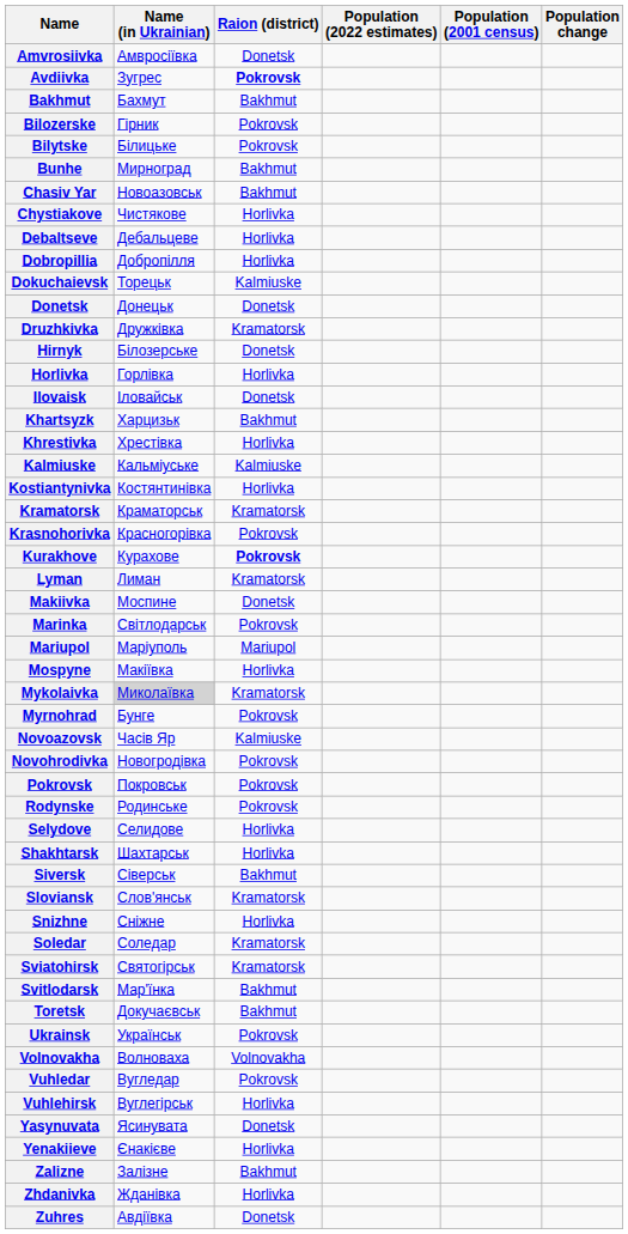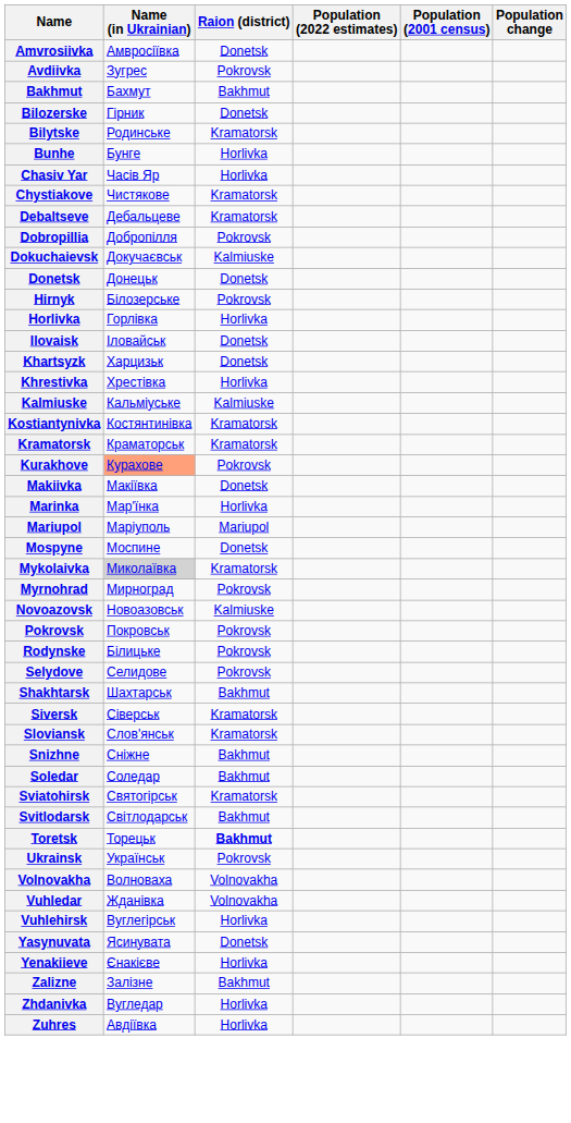 <table class="wikitable sortable sticky-header" id="Table of cities" caption="Tabulated list of cities in ">
 <tr>
 <th scope="col">Name</th>
 <th scope="col">Name<br>(in <a href='#'>Ukrainian</a>)</th>
 <th scope="col"><a href='#'>Raion</a> (district)</th>
 <th scope="col">Population<br>(2022 estimates)</th>
 <th scope="col">Population<br>(<a href='#'>2001 census</a>)</th>
 <th scope="col">Population<br>change</th>
 </tr>
 <tr>
 <th scope="row" align="left"><a href='#'>Amvrosiivka</a></th>
 <td><a href='#'>Амвросіївка</a></td>
 <td align=center><a href='#'>Donetsk</a></td>
 <td align=right></td>
 <td align=right></td>
 <td align=right></td>
 </tr>
 <tr>
 <th scope="row" align="left"><a href='#'>Avdiivka</a></th>
 <td><a href='#'>Зугрес</a></td>
-<td align=center><strong><a href='#'>Pokrovsk</a></strong></td>
+<td align=center><a href='#'>Pokrovsk</a></td>
 <td align=right></td>
 <td align=right></td>
 <td align=right></td>
 </tr>
 <tr>
 <th scope="row" align="left"><a href='#'>Bakhmut</a></th>
 <td><a href='#'>Бахмут</a></td>
 <td align=center><a href='#'>Bakhmut</a></td>
 <td align=right></td>
 <td align=right></td>
 <td align=right></td>
 </tr>
 <tr>
 <th scope="row" align="left"><a href='#'>Bilozerske</a></th>
 <td><a href='#'>Гірник</a></td>
-<td align=center><a href='#'>Pokrovsk</a></td>
+<td align=center><a href='#'>Donetsk</a></td>
 <td align=right></td>
 <td align=right></td>
 <td align=right></td>
 </tr>
 <tr>
 <th scope="row" align="left"><a href='#'>Bilytske</a></th>
-<td><a href='#'>Білицьке</a></td>
-<td align=center><a href='#'>Pokrovsk</a></td>
+<td><a href='#'>Родинське</a></td>
+<td align=center><a href='#'>Kramatorsk</a></td>
 <td align=right></td>
 <td align=right></td>
 <td align=right></td>
 </tr>
 <tr>
 <th scope="row" align="left"><a href='#'>Bunhe</a></th>
-<td><a href='#'>Мирноград</a></td>
-<td align=center><a href='#'>Bakhmut</a></td>
+<td><a href='#'>Бунге</a></td>
+<td align=center><a href='#'>Horlivka</a></td>
 <td align=right></td>
 <td align=right></td>
 <td align=right></td>
 </tr>
 <tr>
 <th scope="row" align="left"><a href='#'>Chasiv Yar</a></th>
-<td><a href='#'>Новоазовськ</a></td>
-<td align=center><a href='#'>Bakhmut</a></td>
+<td><a href='#'>Часів Яр</a></td>
+<td align=center><a href='#'>Horlivka</a></td>
 <td align=right></td>
 <td align=right></td>
 <td align=right></td>
 </tr>
 <tr>
 <th scope="row" align="left"><a href='#'>Chystiakove</a></th>
 <td><a href='#'>Чистякове</a></td>
-<td align=center><a href='#'>Horlivka</a></td>
+<td align=center><a href='#'>Kramatorsk</a></td>
 <td align=right></td>
 <td align=right></td>
 <td align=right></td>
 </tr>
 <tr>
 <th scope="row" align="left"><a href='#'>Debaltseve</a></th>
 <td><a href='#'>Дебальцеве</a></td>
-<td align=center><a href='#'>Horlivka</a></td>
+<td align=center><a href='#'>Kramatorsk</a></td>
 <td align=right></td>
 <td align=right></td>
 <td align=right></td>
 </tr>
 <tr>
 <th scope="row" align="left"><a href='#'>Dobropillia</a></th>
 <td><a href='#'>Добропілля</a></td>
-<td align=center><a href='#'>Horlivka</a></td>
+<td align=center><a href='#'>Pokrovsk</a></td>
 <td align=right></td>
 <td align=right></td>
 <td align=right></td>
 </tr>
 <tr>
 <th scope="row" align="left"><a href='#'>Dokuchaievsk</a></th>
-<td><a href='#'>Торецьк</a></td>
+<td><a href='#'>Докучаєвськ</a></td>
 <td align=center><a href='#'>Kalmiuske</a></td>
 <td align=right></td>
 <td align=right></td>
 <td align=right></td>
 </tr>
 <tr>
 <th scope="row" align="left"><a href='#'>Donetsk</a></th>
 <td><a href='#'>Донецьк</a></td>
 <td align=center><a href='#'>Donetsk</a></td>
 <td align=right></td>
 <td align=right></td>
 <td align=right></td>
 </tr>
 <tr>
-<th scope="row" align="left"><a href='#'>Druzhkivka</a></th>
-<td><a href='#'>Дружківка</a></td>
-<td align=center><a href='#'>Kramatorsk</a></td>
-<td align=right></td>
-<td align=right></td>
-<td align=right></td>
-</tr>
-<tr>
 <th scope="row" align="left"><a href='#'>Hirnyk</a></th>
 <td><a href='#'>Білозерське</a></td>
-<td align=center><a href='#'>Donetsk</a></td>
+<td align=center><a href='#'>Pokrovsk</a></td>
 <td align=right></td>
 <td align=right></td>
 <td align=right></td>
 </tr>
 <tr>
 <th scope="row" align="left"><a href='#'>Horlivka</a></th>
 <td><a href='#'>Горлівка</a></td>
 <td align=center><a href='#'>Horlivka</a></td>
 <td align=right></td>
 <td align=right></td>
 <td align=right></td>
 </tr>
 <tr>
 <th scope="row" align="left"><a href='#'>Ilovaisk</a></th>
 <td><a href='#'>Іловайськ</a></td>
 <td align=center><a href='#'>Donetsk</a></td>
 <td align=right></td>
 <td align=right></td>
 <td align=right></td>
 </tr>
 <tr>
 <th scope="row" align="left"><a href='#'>Khartsyzk</a></th>
 <td><a href='#'>Харцизьк</a></td>
-<td align=center><a href='#'>Bakhmut</a></td>
+<td align=center><a href='#'>Donetsk</a></td>
 <td align=right></td>
 <td align=right></td>
 <td align=right></td>
 </tr>
 <tr>
 <th scope="row" align="left"><a href='#'>Khrestivka</a></th>
 <td><a href='#'>Хрестівка</a></td>
 <td align=center><a href='#'>Horlivka</a></td>
 <td align=right></td>
 <td align=right></td>
 <td align=right></td>
 </tr>
 <tr>
 <th scope="row" align="left"><a href='#'>Kalmiuske</a></th>
 <td><a href='#'>Кальміуське</a></td>
 <td align=center><a href='#'>Kalmiuske</a></td>
 <td align=right></td>
 <td align=right></td>
 <td align=right></td>
 </tr>
 <tr>
 <th scope="row" align="left"><a href='#'>Kostiantynivka</a></th>
 <td><a href='#'>Костянтинівка</a></td>
-<td align=center><a href='#'>Horlivka</a></td>
+<td align=center><a href='#'>Kramatorsk</a></td>
 <td align=right></td>
 <td align=right></td>
 <td align=right></td>
 </tr>
 <tr>
 <th scope="row" align="left"><a href='#'>Kramatorsk</a></th>
 <td><a href='#'>Краматорськ</a></td>
 <td align=center><a href='#'>Kramatorsk</a></td>
 <td align=right></td>
 <td align=right></td>
 <td align=right></td>
 </tr>
 <tr>
-<th scope="row" align="left"><a href='#'>Krasnohorivka</a></th>
-<td><a href='#'>Красногорівка</a></td>
+<th scope="row" align="left"><a href='#'>Kurakhove</a></th>
+<td style="background: lightsalmon;"><a href='#'>Курахове</a></td>
 <td align=center><a href='#'>Pokrovsk</a></td>
 <td align=right></td>
 <td align=right></td>
 <td align=right></td>
 </tr>
 <tr>
-<th scope="row" align="left"><a href='#'>Kurakhove</a></th>
-<td><a href='#'>Курахове</a></td>
-<td align=center><strong><a href='#'>Pokrovsk</a></strong></td>
-<td align=right></td>
-<td align=right></td>
-<td align=right></td>
-</tr>
-<tr>
-<th scope="row" align="left"><a href='#'>Lyman</a></th>
-<td><a href='#'>Лиман</a></td>
-<td align=center><a href='#'>Kramatorsk</a></td>
-<td align=right></td>
-<td align=right></td>
-<td align=right></td>
-</tr>
-<tr>
 <th scope="row" align="left"><a href='#'>Makiivka</a></th>
-<td><a href='#'>Моспине</a></td>
+<td><a href='#'>Макіївка</a></td>
 <td align=center><a href='#'>Donetsk</a></td>
 <td align=right></td>
 <td align=right></td>
 <td align=right></td>
 </tr>
 <tr>
 <th scope="row" align="left"><a href='#'>Marinka</a></th>
-<td><a href='#'>Світлодарськ</a></td>
-<td align=center><a href='#'>Pokrovsk</a></td>
+<td><a href='#'>Мар'їнка</a></td>
+<td align=center><a href='#'>Horlivka</a></td>
 <td align=right></td>
 <td align=right></td>
 <td align=right></td>
 </tr>
 <tr>
 <th scope="row" align="left"><a href='#'>Mariupol</a></th>
 <td><a href='#'>Маріуполь</a></td>
 <td align=center><a href='#'>Mariupol</a></td>
 <td align=right></td>
 <td align=right></td>
 <td align=right></td>
 </tr>
 <tr>
 <th scope="row" align="left"><a href='#'>Mospyne</a></th>
-<td><a href='#'>Макіївка</a></td>
-<td align=center><a href='#'>Horlivka</a></td>
+<td><a href='#'>Моспине</a></td>
+<td align=center><a href='#'>Donetsk</a></td>
 <td align=right></td>
 <td align=right></td>
 <td align=right></td>
 </tr>
 <tr>
 <th scope="row" align="left"><a href='#'>Mykolaivka</a></th>
 <td style="background: lightgrey;"><a href='#'>Миколаївка</a></td>
 <td align=center><a href='#'>Kramatorsk</a></td>
 <td align=right></td>
 <td align=right></td>
 <td align=right></td>
 </tr>
 <tr>
 <th scope="row" align="left"><a href='#'>Myrnohrad</a></th>
-<td><a href='#'>Бунге</a></td>
+<td><a href='#'>Мирноград</a></td>
 <td align=center><a href='#'>Pokrovsk</a></td>
 <td align=right></td>
 <td align=right></td>
 <td align=right></td>
 </tr>
 <tr>
 <th scope="row" align="left"><a href='#'>Novoazovsk</a></th>
-<td><a href='#'>Часів Яр</a></td>
+<td><a href='#'>Новоазовськ</a></td>
 <td align=center><a href='#'>Kalmiuske</a></td>
-<td align=right></td>
-<td align=right></td>
-<td align=right></td>
-</tr>
-<tr>
-<th scope="row" align="left"><a href='#'>Novohrodivka</a></th>
-<td><a href='#'>Новогродівка</a></td>
-<td align=center><a href='#'>Pokrovsk</a></td>
 <td align=right></td>
 <td align=right></td>
 <td align=right></td>
 </tr>
 <tr>
 <th scope="row" align="left"><a href='#'>Pokrovsk</a></th>
 <td><a href='#'>Покровськ</a></td>
 <td align=center><a href='#'>Pokrovsk</a></td>
 <td align=right></td>
 <td align=right></td>
 <td align=right></td>
 </tr>
 <tr>
 <th scope="row" align="left"><a href='#'>Rodynske</a></th>
-<td><a href='#'>Родинське</a></td>
+<td><a href='#'>Білицьке</a></td>
 <td align=center><a href='#'>Pokrovsk</a></td>
 <td align=right></td>
 <td align=right></td>
 <td align=right></td>
 </tr>
 <tr>
 <th scope="row" align="left"><a href='#'>Selydove</a></th>
 <td><a href='#'>Селидове</a></td>
-<td align=center><a href='#'>Horlivka</a></td>
+<td align=center><a href='#'>Pokrovsk</a></td>
 <td align=right></td>
 <td align=right></td>
 <td align=right></td>
 </tr>
 <tr>
 <th scope="row" align="left"><a href='#'>Shakhtarsk</a></th>
 <td><a href='#'>Шахтарськ</a></td>
-<td align=center><a href='#'>Horlivka</a></td>
+<td align=center><a href='#'>Bakhmut</a></td>
 <td align=right></td>
 <td align=right></td>
 <td align=right></td>
 </tr>
 <tr>
 <th scope="row" align="left"><a href='#'>Siversk</a></th>
 <td><a href='#'>Сіверськ</a></td>
-<td align=center><a href='#'>Bakhmut</a></td>
+<td align=center><a href='#'>Kramatorsk</a></td>
 <td align=right></td>
 <td align=right></td>
 <td align=right></td>
 </tr>
 <tr>
 <th scope="row" align="left"><a href='#'>Sloviansk</a></th>
 <td><a href='#'>Слов'янськ</a></td>
 <td align=center><a href='#'>Kramatorsk</a></td>
 <td align=right></td>
 <td align=right></td>
 <td align=right></td>
 </tr>
 <tr>
 <th scope="row" align="left"><a href='#'>Snizhne</a></th>
 <td><a href='#'>Сніжне</a></td>
-<td align=center><a href='#'>Horlivka</a></td>
+<td align=center><a href='#'>Bakhmut</a></td>
 <td align=right></td>
 <td align=right></td>
 <td align=right></td>
 </tr>
 <tr>
 <th scope="row" align="left"><a href='#'>Soledar</a></th>
 <td><a href='#'>Соледар</a></td>
-<td align=center><a href='#'>Kramatorsk</a></td>
+<td align=center><a href='#'>Bakhmut</a></td>
 <td align=right></td>
 <td align=right></td>
 <td align=right></td>
 </tr>
 <tr>
 <th scope="row" align="left"><a href='#'>Sviatohirsk</a></th>
 <td><a href='#'>Святогірськ</a></td>
 <td align=center><a href='#'>Kramatorsk</a></td>
 <td align=right></td>
 <td align=right></td>
 <td align=right></td>
 </tr>
 <tr>
 <th scope="row" align="left"><a href='#'>Svitlodarsk</a></th>
-<td><a href='#'>Мар'їнка</a></td>
+<td><a href='#'>Світлодарськ</a></td>
 <td align=center><a href='#'>Bakhmut</a></td>
 <td align=right></td>
 <td align=right></td>
 <td align=right></td>
 </tr>
 <tr>
 <th scope="row" align="left"><a href='#'>Toretsk</a></th>
-<td><a href='#'>Докучаєвськ</a></td>
-<td align=center><a href='#'>Bakhmut</a></td>
+<td><a href='#'>Торецьк</a></td>
+<td align=center><strong><a href='#'>Bakhmut</a></strong></td>
 <td align=right></td>
 <td align=right></td>
 <td align=right></td>
 </tr>
 <tr>
 <th scope="row" align="left"><a href='#'>Ukrainsk</a></th>
 <td><a href='#'>Українськ</a></td>
 <td align=center><a href='#'>Pokrovsk</a></td>
 <td align=right></td>
 <td align=right></td>
 <td align=right></td>
 </tr>
 <tr>
 <th scope="row" align="left"><a href='#'>Volnovakha</a></th>
 <td><a href='#'>Волноваха</a></td>
 <td align=center><a href='#'>Volnovakha</a></td>
 <td align=right></td>
 <td align=right></td>
 <td align=right></td>
 </tr>
 <tr>
 <th scope="row" align="left"><a href='#'>Vuhledar</a></th>
-<td><a href='#'>Вугледар</a></td>
-<td align=center><a href='#'>Pokrovsk</a></td>
+<td><a href='#'>Жданівка</a></td>
+<td align=center><a href='#'>Volnovakha</a></td>
 <td align=right></td>
 <td align=right></td>
 <td align=right></td>
 </tr>
 <tr>
 <th scope="row" align="left"><a href='#'>Vuhlehirsk</a></th>
 <td><a href='#'>Вуглегірськ</a></td>
 <td align=center><a href='#'>Horlivka</a></td>
 <td align=right></td>
 <td align=right></td>
 <td align=right></td>
 </tr>
 <tr>
 <th scope="row" align="left"><a href='#'>Yasynuvata</a></th>
 <td><a href='#'>Ясинувата</a></td>
 <td align=center><a href='#'>Donetsk</a></td>
 <td align=right></td>
 <td align=right></td>
 <td align=right></td>
 </tr>
 <tr>
 <th scope="row" align="left"><a href='#'>Yenakiieve</a></th>
 <td><a href='#'>Єнакієве</a></td>
 <td align=center><a href='#'>Horlivka</a></td>
 <td align=right></td>
 <td align=right></td>
 <td align=right></td>
 </tr>
 <tr>
 <th scope="row" align="left"><a href='#'>Zalizne</a></th>
 <td><a href='#'>Залізне</a></td>
 <td align=center><a href='#'>Bakhmut</a></td>
 <td align=right></td>
 <td align=right></td>
 <td align=right></td>
 </tr>
 <tr>
 <th scope="row" align="left"><a href='#'>Zhdanivka</a></th>
-<td><a href='#'>Жданівка</a></td>
+<td><a href='#'>Вугледар</a></td>
 <td align=center><a href='#'>Horlivka</a></td>
 <td align=right></td>
 <td align=right></td>
 <td align=right></td>
 </tr>
 <tr>
 <th scope="row" align="left"><a href='#'>Zuhres</a></th>
 <td><a href='#'>Авдіївка</a></td>
-<td align=center><a href='#'>Donetsk</a></td>
+<td align=center><a href='#'>Horlivka</a></td>
 <td align=right></td>
 <td align=right></td>
 <td align=right></td>
 </tr>
 </table>
